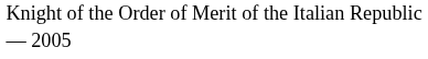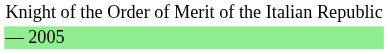 <table>
 <tr>
 <td rowspan=2 style="width:60px; vertical-align:top;"></td>
 <td>Knight of the Order of Merit of the Italian Republic</td>
 </tr>
 <tr>
-<td>— 2005</td>
+<td style="background: lightgreen;">— 2005</td>
 </tr>
 </table>
